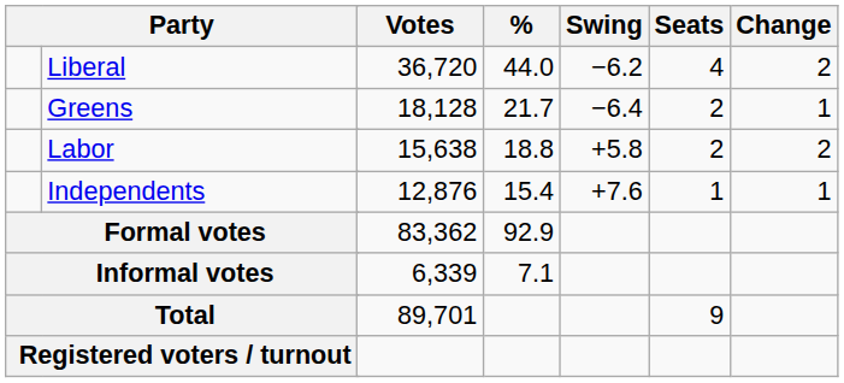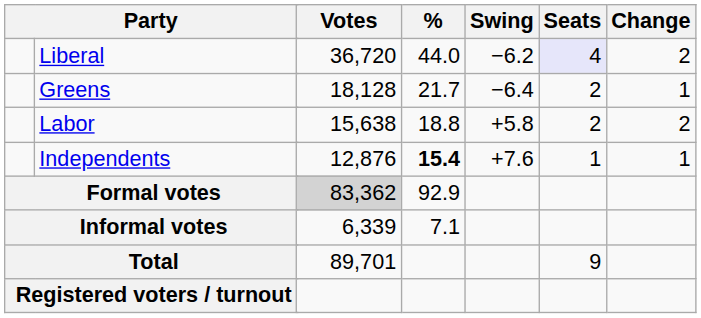 <table class="wikitable" style="text-align:right; margin-bottom:0">
 <tr>
 <th style="width:10px" colspan=3>Party</th>
 <th style="width:70px;">Votes</th>
 <th style="width:40px;">%</th>
 <th style="width:40px;">Swing</th>
 <th style="width:40px;">Seats</th>
 <th style="width:40px;">Change</th>
 </tr>
 <tr>
 <td> </td>
 <td style="text-align:left;" colspan="2"><a href='#'>Liberal</a></td>
 <td>36,720</td>
 <td>44.0</td>
 <td>−6.2</td>
-<td>4</td>
+<td style="background: lavender;">4</td>
 <td> 2</td>
 </tr>
 <tr>
 <td> </td>
 <td style="text-align:left;" colspan="2"><a href='#'>Greens</a></td>
 <td>18,128</td>
 <td>21.7</td>
 <td>−6.4</td>
 <td>2</td>
 <td> 1</td>
 </tr>
 <tr>
 <td> </td>
 <td style="text-align:left;" colspan="2"><a href='#'>Labor</a></td>
 <td>15,638</td>
 <td>18.8</td>
 <td>+5.8</td>
 <td>2</td>
 <td> 2</td>
 </tr>
 <tr>
 <td> </td>
 <td style="text-align:left;" colspan="2"><a href='#'>Independents</a></td>
 <td>12,876</td>
-<td>15.4</td>
+<td><strong>15.4</strong></td>
 <td>+7.6</td>
 <td>1</td>
 <td> 1</td>
 </tr>
 <tr>
 <th colspan="3" rowspan="1"> Formal votes</th>
-<td>83,362</td>
+<td style="background: lightgrey;">83,362</td>
 <td>92.9</td>
 <td></td>
 <td></td>
 <td></td>
 </tr>
 <tr>
 <th colspan="3" rowspan="1"> Informal votes</th>
 <td>6,339</td>
 <td>7.1</td>
 <td></td>
 <td></td>
 <td></td>
 </tr>
 <tr>
 <th colspan="3" rowspan="1"> <strong>Total </strong></th>
 <td>89,701</td>
 <td></td>
 <td></td>
 <td>9</td>
 <td></td>
 </tr>
 <tr>
 <th colspan="3" rowspan="1"> Registered voters / turnout</th>
 <td></td>
 <td></td>
 <td></td>
 <td></td>
 <td></td>
 </tr>
 </table>
